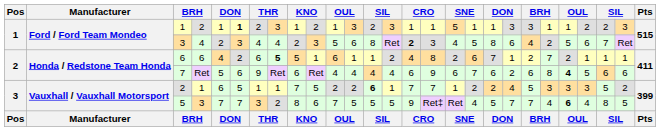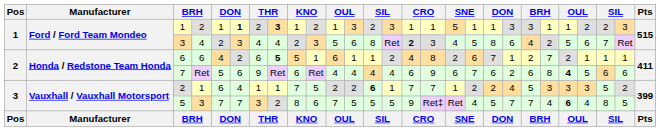 <table class="wikitable" style="font-size: 85%; text-align: center;">
 <tr style="vertical-align:top">
 <th style="vertical-align:middle">Pos</th>
 <th style="vertical-align:middle">Manufacturer</th>
 <th colspan="2"><a href='#'>BRH</a></th>
 <th colspan="2"><a href='#'>DON</a></th>
 <th colspan="2"><a href='#'>THR</a></th>
 <th colspan="2"><a href='#'>KNO</a></th>
 <th colspan="2"><a href='#'>OUL</a></th>
 <th colspan="2"><a href='#'>SIL</a></th>
 <th colspan="2"><a href='#'>CRO</a></th>
 <th colspan="2"><a href='#'>SNE</a></th>
 <th colspan="2"><a href='#'>DON</a></th>
 <th colspan="2"><a href='#'>BRH</a></th>
 <th colspan="2"><a href='#'>OUL</a></th>
 <th colspan="2"><a href='#'>SIL</a></th>
 <th style="vertical-align:middle">Pts</th>
 </tr>
 <tr>
 <th rowspan=2>1</th>
 <th rowspan=2 style="text-align:left"><a href='#'>Ford</a> / <a href='#'>Ford Team Mondeo</a></th>
 <td style="background:#FFFFBF;" width="20">1</td>
 <td style="background:#DFDFDF;">2</td>
 <td style="background:#FFFFBF;" width="20">1</td>
 <td style="background:#FFFFBF;" width="20"><strong>1</strong></td>
 <td style="background:#DFDFDF;">2</td>
-<td style="background:#FFDF9F;">3</td>
+<td style="background:#FFDF9F;"><strong>3</strong></td>
 <td style="background:#FFFFBF;" width="20">1</td>
 <td style="background:#DFDFDF;">2</td>
 <td style="background:#FFFFBF;" width="20">1</td>
 <td style="background:#FFDF9F;">3</td>
 <td style="background:#DFDFDF;">2</td>
 <td style="background:#FFDF9F;">3</td>
 <td style="background:#FFFFBF;" width="20">1</td>
 <td style="background:#FFFFBF;" width="20">1</td>
 <td style="background:#FFDF9F;">5</td>
 <td style="background:#FFFFBF;" width="20">1</td>
 <td style="background:#FFFFBF;" width="20">1</td>
 <td style="background:#DFDFDF;">3</td>
 <td style="background:#DFDFDF;">3</td>
 <td style="background:#FFFFBF;" width="20">1</td>
 <td style="background:#FFFFBF;" width="20">1</td>
 <td style="background:#DFDFDF;">2</td>
 <td style="background:#DFDFDF;">2</td>
 <td style="background:#FFDF9F;">3</td>
 <th rowspan=2>515</th>
 </tr>
 <tr>
 <td style="background:#FFDF9F;">3</td>
 <td style="background:#DFFFDF;">4</td>
 <td style="background:#DFDFDF;">2</td>
 <td style="background:#FFDF9F;">3</td>
 <td style="background:#DFFFDF;">4</td>
 <td style="background:#DFFFDF;">4</td>
 <td style="background:#DFDFDF;">2</td>
 <td style="background:#FFDF9F;">3</td>
 <td style="background:#DFFFDF;">5</td>
 <td style="background:#DFFFDF;">6</td>
 <td style="background:#DFFFDF;">8</td>
 <td style="background:#EFCFFF;">Ret</td>
 <td style="background:#DFDFDF;"><strong>2</strong></td>
 <td style="background:#DFDFDF;">3</td>
 <td style="background:#DFFFDF;">4</td>
 <td style="background:#DFFFDF;">5</td>
 <td style="background:#DFFFDF;">8</td>
 <td style="background:#DFFFDF;">6</td>
 <td style="background:#FFDF9F;">4</td>
 <td style="background:#DFDFDF;">2</td>
 <td style="background:#DFFFDF;">5</td>
 <td style="background:#DFFFDF;">6</td>
 <td style="background:#DFFFDF;">7</td>
 <td style="background:#EFCFFF;">Ret</td>
 </tr>
 <tr>
 <th rowspan=2>2</th>
 <th rowspan=2 style="text-align:left" nowrap><a href='#'>Honda</a> / <a href='#'>Redstone Team Honda</a></th>
 <td style="background:#DFFFDF;">6</td>
 <td style="background:#DFFFDF;">6</td>
 <td style="background:#FFDF9F;">4</td>
 <td style="background:#DFDFDF;">2</td>
 <td style="background:#DFFFDF;">6</td>
 <td style="background:#DFFFDF;"><strong>5</strong></td>
 <td style="background:#FFDF9F;">5</td>
 <td style="background:#FFFFBF;" width="20">1</td>
 <td style="background:#FFDF9F;">6</td>
 <td style="background:#FFFFBF;" width="20">1</td>
 <td style="background:#FFFFBF;" width="20">1</td>
 <td style="background:#DFDFDF;">2</td>
 <td style="background:#FFDF9F;">4</td>
 <td style="background:#FFDF9F;">8</td>
 <td style="background:#DFDFDF;">2</td>
 <td style="background:#FFDF9F;">6</td>
 <td style="background:#DFDFDF;">7</td>
 <td style="background:#FFFFBF;" width="20">1</td>
 <td style="background:#FFFFBF;" width="20">2</td>
 <td style="background:#DFFFDF;">7</td>
 <td style="background:#DFDFDF;">2</td>
 <td style="background:#FFFFBF;" width="20">1</td>
 <td style="background:#FFFFBF;" width="20">1</td>
 <td style="background:#FFFFBF;" width="20">1</td>
 <th rowspan=2>411</th>
 </tr>
 <tr>
 <td style="background:#DFFFDF;">7</td>
 <td style="background:#EFCFFF;">Ret</td>
 <td style="background:#DFFFDF;">5</td>
 <td style="background:#DFFFDF;">6</td>
 <td style="background:#DFFFDF;">9</td>
 <td style="background:#EFCFFF;">Ret</td>
 <td style="background:#DFFFDF;">6</td>
 <td style="background:#EFCFFF;">Ret</td>
 <td style="background:#DFFFDF;">4</td>
 <td style="background:#DFFFDF;">4</td>
 <td style="background:#FFDF9F;">4</td>
 <td style="background:#DFFFDF;">4</td>
 <td style="background:#DFFFDF;">6</td>
 <td style="background:#DFFFDF;">9</td>
 <td style="background:#DFFFDF;">6</td>
 <td style="background:#DFFFDF;">7</td>
 <td style="background:#DFFFDF;">6</td>
 <td style="background:#DFFFDF;">2</td>
 <td style="background:#DFFFDF;">6</td>
 <td style="background:#DFFFDF;">8</td>
 <td style="background:#DFFFDF;"><strong>4</strong></td>
 <td style="background:#DFFFDF;">5</td>
 <td style="background:#FFDF9F;">6</td>
 <td style="background:#DFFFDF;">6</td>
 </tr>
 <tr>
 <th rowspan=2>3</th>
 <th rowspan=2 style="text-align:left" nowrap><a href='#'>Vauxhall</a> / <a href='#'>Vauxhall Motorsport</a></th>
 <td style="background:#DFDFDF;">2</td>
 <td style="background:#FFFFBF;" width="20">1</td>
 <td style="background:#DFFFDF;">6</td>
-<td style="background:#DFFFDF;">5</td>
+<td style="background:#DFFFDF;">4</td>
 <td style="background:#FFFFBF;" width="20">1</td>
 <td style="background:#FFFFBF;" width="20">1</td>
 <td style="background:#DFFFDF;">7</td>
 <td style="background:#DFFFDF;">5</td>
 <td style="background:#DFDFDF;">2</td>
 <td style="background:#DFDFDF;">2</td>
 <td style="background:#DFFFDF;"><strong>6</strong></td>
 <td style="background:#FFFFBF;" width="20">1</td>
 <td style="background:#DFFFDF;">7</td>
 <td style="background:#DFFFDF;">7</td>
 <td style="background:#FFFFBF;" width="20">1</td>
 <td style="background:#DFDFDF;">2</td>
 <td style="background:#FFDF9F;">2</td>
 <td style="background:#FFDF9F;">4</td>
 <td style="background:#DFFFDF;">5</td>
 <td style="background:#FFDF9F;">3</td>
 <td style="background:#FFDF9F;">3</td>
 <td style="background:#FFDF9F;">3</td>
 <td style="background:#DFFFDF;">5</td>
 <td style="background:#DFDFDF;">2</td>
 <th rowspan=2>399</th>
 </tr>
 <tr>
 <td style="background:#DFFFDF;">5</td>
 <td style="background:#FFDF9F;">3</td>
 <td style="background:#DFFFDF;">7</td>
 <td style="background:#DFFFDF;">7</td>
 <td style="background:#FFDF9F;">3</td>
 <td style="background:#DFDFDF;">2</td>
 <td style="background:#DFFFDF;">8</td>
 <td style="background:#DFFFDF;">6</td>
 <td style="background:#DFFFDF;">7</td>
 <td style="background:#DFFFDF;">5</td>
 <td style="background:#DFFFDF;">5</td>
 <td style="background:#DFFFDF;">5</td>
 <td style="background:#DFFFDF;">9</td>
 <td style="background:#EFCFFF;">Ret‡</td>
 <td style="background:#EFCFFF;">Ret</td>
 <td style="background:#DFFFDF;">4</td>
 <td style="background:#DFFFDF;">5</td>
 <td style="background:#DFFFDF;">7</td>
 <td style="background:#DFFFDF;">7</td>
 <td style="background:#DFFFDF;">4</td>
 <td style="background:#DFFFDF;"><strong>6</strong></td>
 <td style="background:#DFFFDF;">4</td>
 <td style="background:#DFFFDF;">8</td>
 <td style="background:#DFFFDF;">5</td>
 </tr>
 <tr>
 <th style="vertical-align:middle">Pos</th>
 <th style="vertical-align:middle">Manufacturer</th>
 <th colspan="2"><a href='#'>BRH</a></th>
 <th colspan="2"><a href='#'>DON</a></th>
 <th colspan="2"><a href='#'>THR</a></th>
 <th colspan="2"><a href='#'>KNO</a></th>
 <th colspan="2"><a href='#'>OUL</a></th>
 <th colspan="2"><a href='#'>SIL</a></th>
 <th colspan="2"><a href='#'>CRO</a></th>
 <th colspan="2"><a href='#'>SNE</a></th>
 <th colspan="2"><a href='#'>DON</a></th>
 <th colspan="2"><a href='#'>BRH</a></th>
 <th colspan="2"><a href='#'>OUL</a></th>
 <th colspan="2"><a href='#'>SIL</a></th>
 <th style="vertical-align:middle">Pts</th>
 </tr>
 </table>
